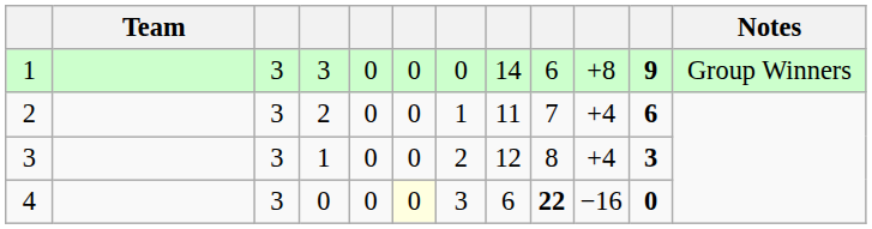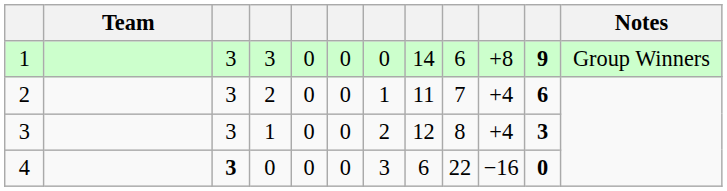 <table class="wikitable" style="text-align: center; font-size: 97%;">
 <tr>
 <th width="20"></th>
 <th width="110">Team</th>
 <th width="18"></th>
 <th width="22"></th>
 <th width="18"></th>
 <th width="18"></th>
 <th width="22"></th>
 <th width="18"></th>
 <th width="18"></th>
 <th width="25"></th>
 <th width="18"></th>
 <th width="105">Notes</th>
 </tr>
 <tr style="background-color: #ccffcc;">
 <td>1</td>
 <td align=left></td>
 <td>3</td>
 <td>3</td>
 <td>0</td>
 <td>0</td>
 <td>0</td>
 <td>14</td>
 <td>6</td>
 <td>+8</td>
 <td><strong>9</strong></td>
 <td>Group Winners</td>
 </tr>
 <tr>
 <td>2</td>
 <td align=left></td>
 <td>3</td>
 <td>2</td>
 <td>0</td>
 <td>0</td>
 <td>1</td>
 <td>11</td>
 <td>7</td>
 <td>+4</td>
 <td><strong>6</strong></td>
 <td rowspan="3"></td>
 </tr>
 <tr>
 <td>3</td>
 <td align=left></td>
 <td>3</td>
 <td>1</td>
 <td>0</td>
 <td>0</td>
 <td>2</td>
 <td>12</td>
 <td>8</td>
 <td>+4</td>
 <td><strong>3</strong></td>
 </tr>
 <tr>
 <td>4</td>
 <td align=left></td>
-<td>3</td>
+<td><strong>3</strong></td>
 <td>0</td>
 <td>0</td>
-<td style="background: lightyellow;">0</td>
+<td>0</td>
 <td>3</td>
 <td>6</td>
-<td><strong>22</strong></td>
+<td>22</td>
 <td>−16</td>
 <td><strong>0</strong></td>
 </tr>
 </table>
